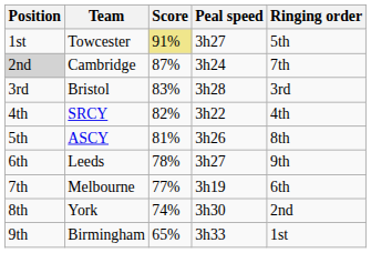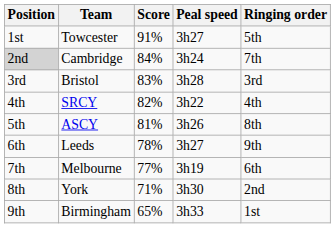 <table class="wikitable">
 <tr>
 <th>Position</th>
 <th>Team</th>
 <th>Score</th>
 <th>Peal speed</th>
 <th>Ringing order</th>
 </tr>
 <tr>
 <td>1st</td>
 <td>Towcester</td>
-<td style="background: khaki;">91%</td>
+<td>91%</td>
 <td>3h27</td>
 <td>5th</td>
 </tr>
 <tr>
 <td style="background: lightgrey;">2nd</td>
 <td>Cambridge</td>
-<td>87%</td>
+<td>84%</td>
 <td>3h24</td>
 <td>7th</td>
 </tr>
 <tr>
 <td>3rd</td>
 <td>Bristol</td>
 <td>83%</td>
 <td>3h28</td>
 <td>3rd</td>
 </tr>
 <tr>
 <td>4th</td>
 <td><a href='#'>SRCY</a></td>
 <td>82%</td>
 <td>3h22</td>
 <td>4th</td>
 </tr>
 <tr>
 <td>5th</td>
 <td><a href='#'>ASCY</a></td>
 <td>81%</td>
 <td>3h26</td>
 <td>8th</td>
 </tr>
 <tr>
 <td>6th</td>
 <td>Leeds</td>
 <td>78%</td>
 <td>3h27</td>
 <td>9th</td>
 </tr>
 <tr>
 <td>7th</td>
 <td>Melbourne</td>
 <td>77%</td>
 <td>3h19</td>
 <td>6th</td>
 </tr>
 <tr>
 <td>8th</td>
 <td>York</td>
-<td>74%</td>
+<td>71%</td>
 <td>3h30</td>
 <td>2nd</td>
 </tr>
 <tr>
 <td>9th</td>
 <td>Birmingham</td>
 <td>65%</td>
 <td>3h33</td>
 <td>1st</td>
 </tr>
 </table>
